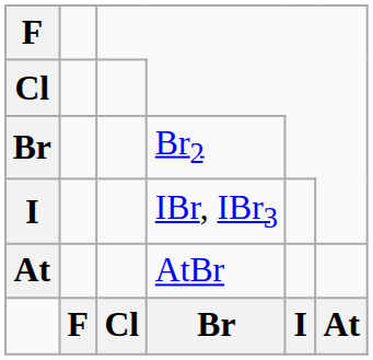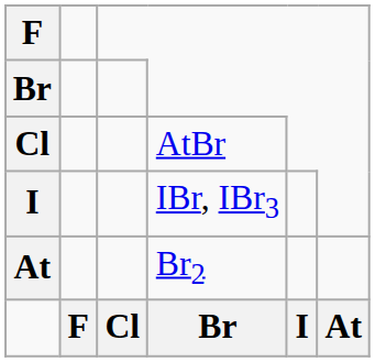 <table class="wikitable" style="margin: 1em auto 1em auto">
 <tr>
 <th>F</th>
 <td></td>
 </tr>
 <tr>
-<th>Cl</th>
+<th>Br</th>
 <td></td>
 <td></td>
 </tr>
 <tr>
-<th>Br</th>
+<th>Cl</th>
 <td></td>
 <td></td>
-<td><a href='#'>Br<sub>2</sub></a></td>
+<td><a href='#'>AtBr</a></td>
 </tr>
 <tr>
 <th>I</th>
 <td></td>
 <td></td>
 <td><a href='#'>IBr</a>, <a href='#'>IBr<sub>3</sub></a></td>
 <td></td>
 </tr>
 <tr>
 <th>At</th>
 <td></td>
 <td></td>
-<td><a href='#'>AtBr</a></td>
+<td><a href='#'>Br<sub>2</sub></a></td>
 <td></td>
 <td></td>
 </tr>
 <tr>
 <th style="border: none; background: none;"></th>
 <th>F</th>
 <th>Cl</th>
 <th>Br</th>
 <th>I</th>
 <th>At</th>
 </tr>
 </table>
